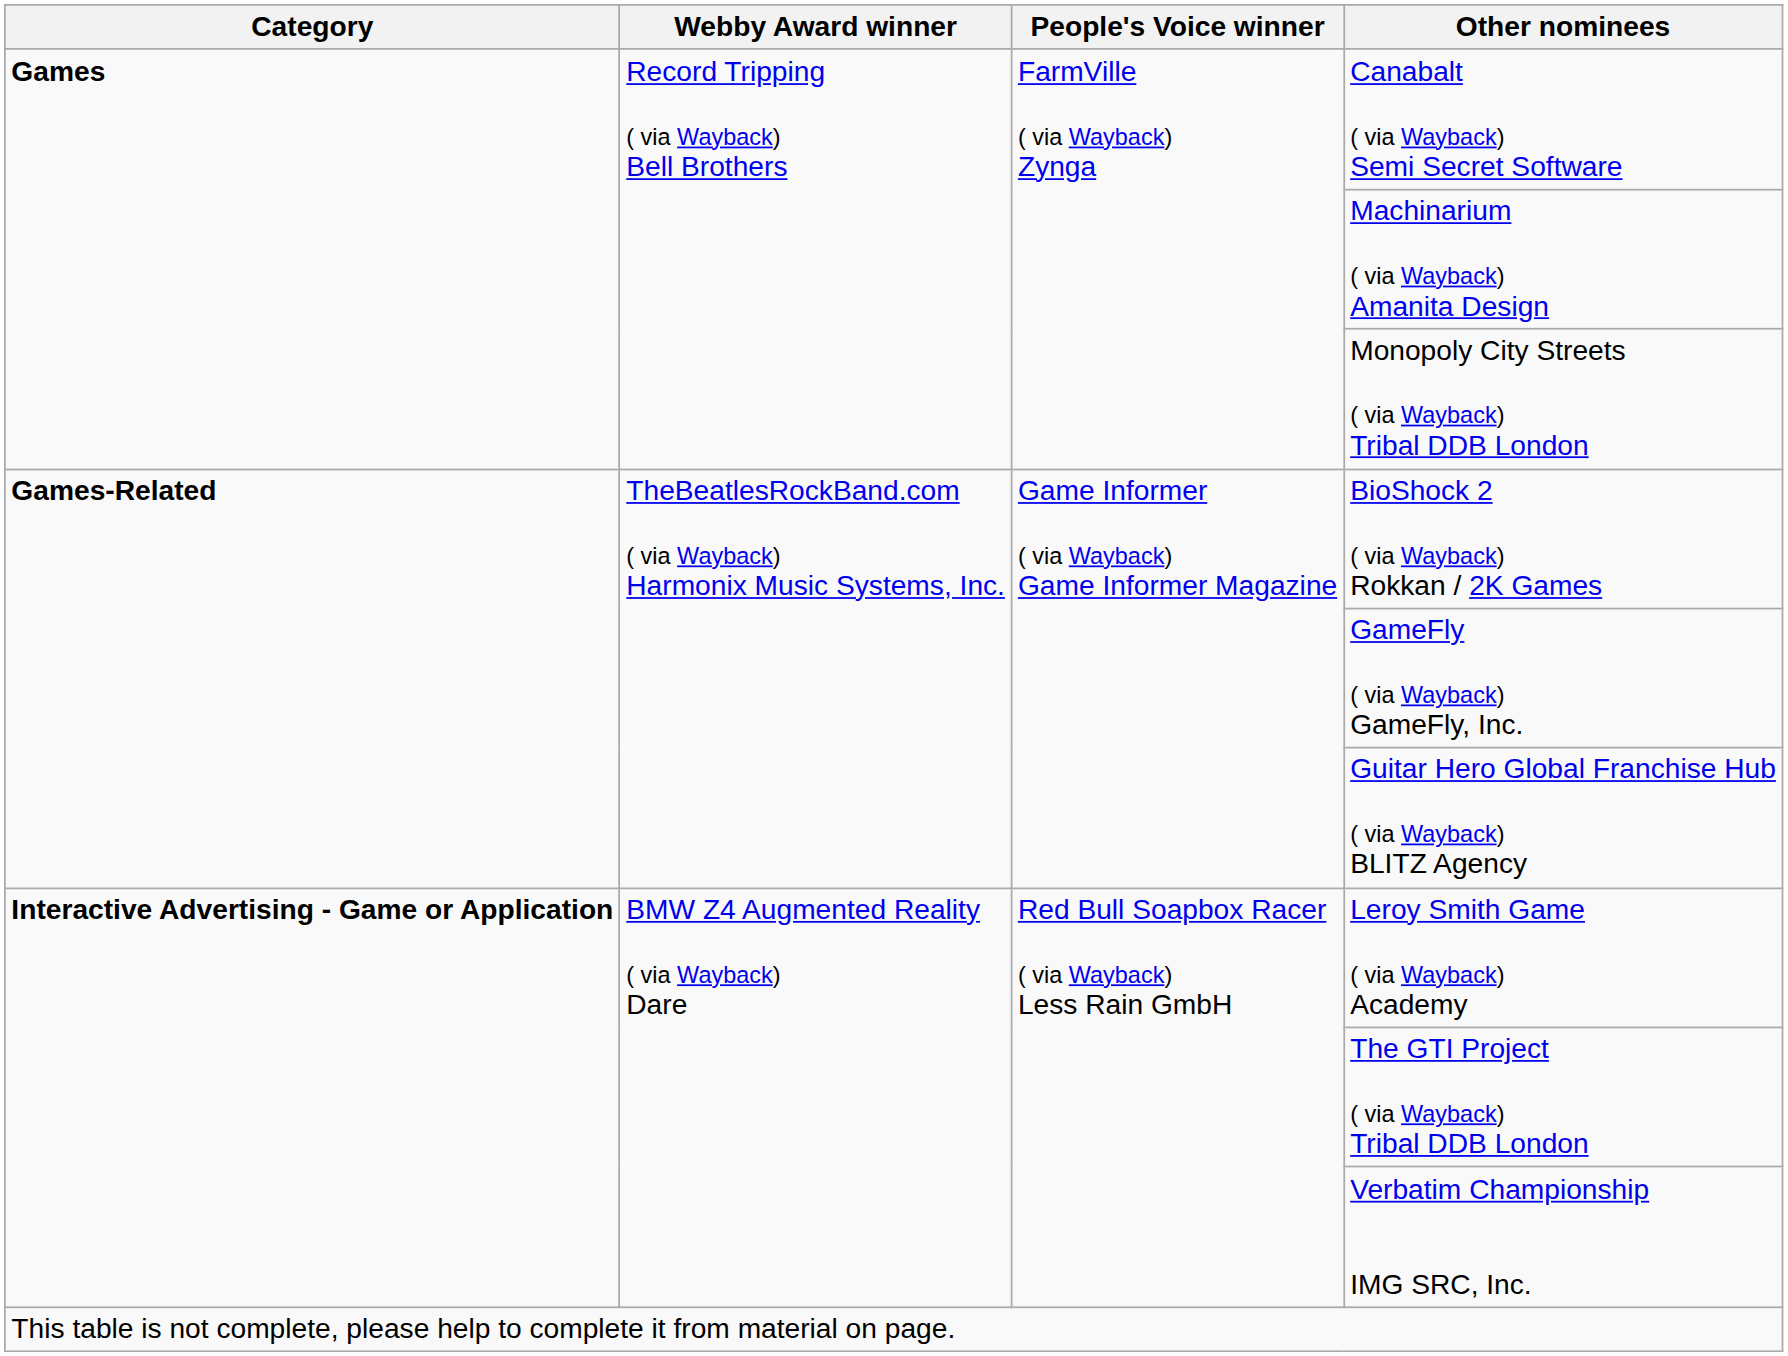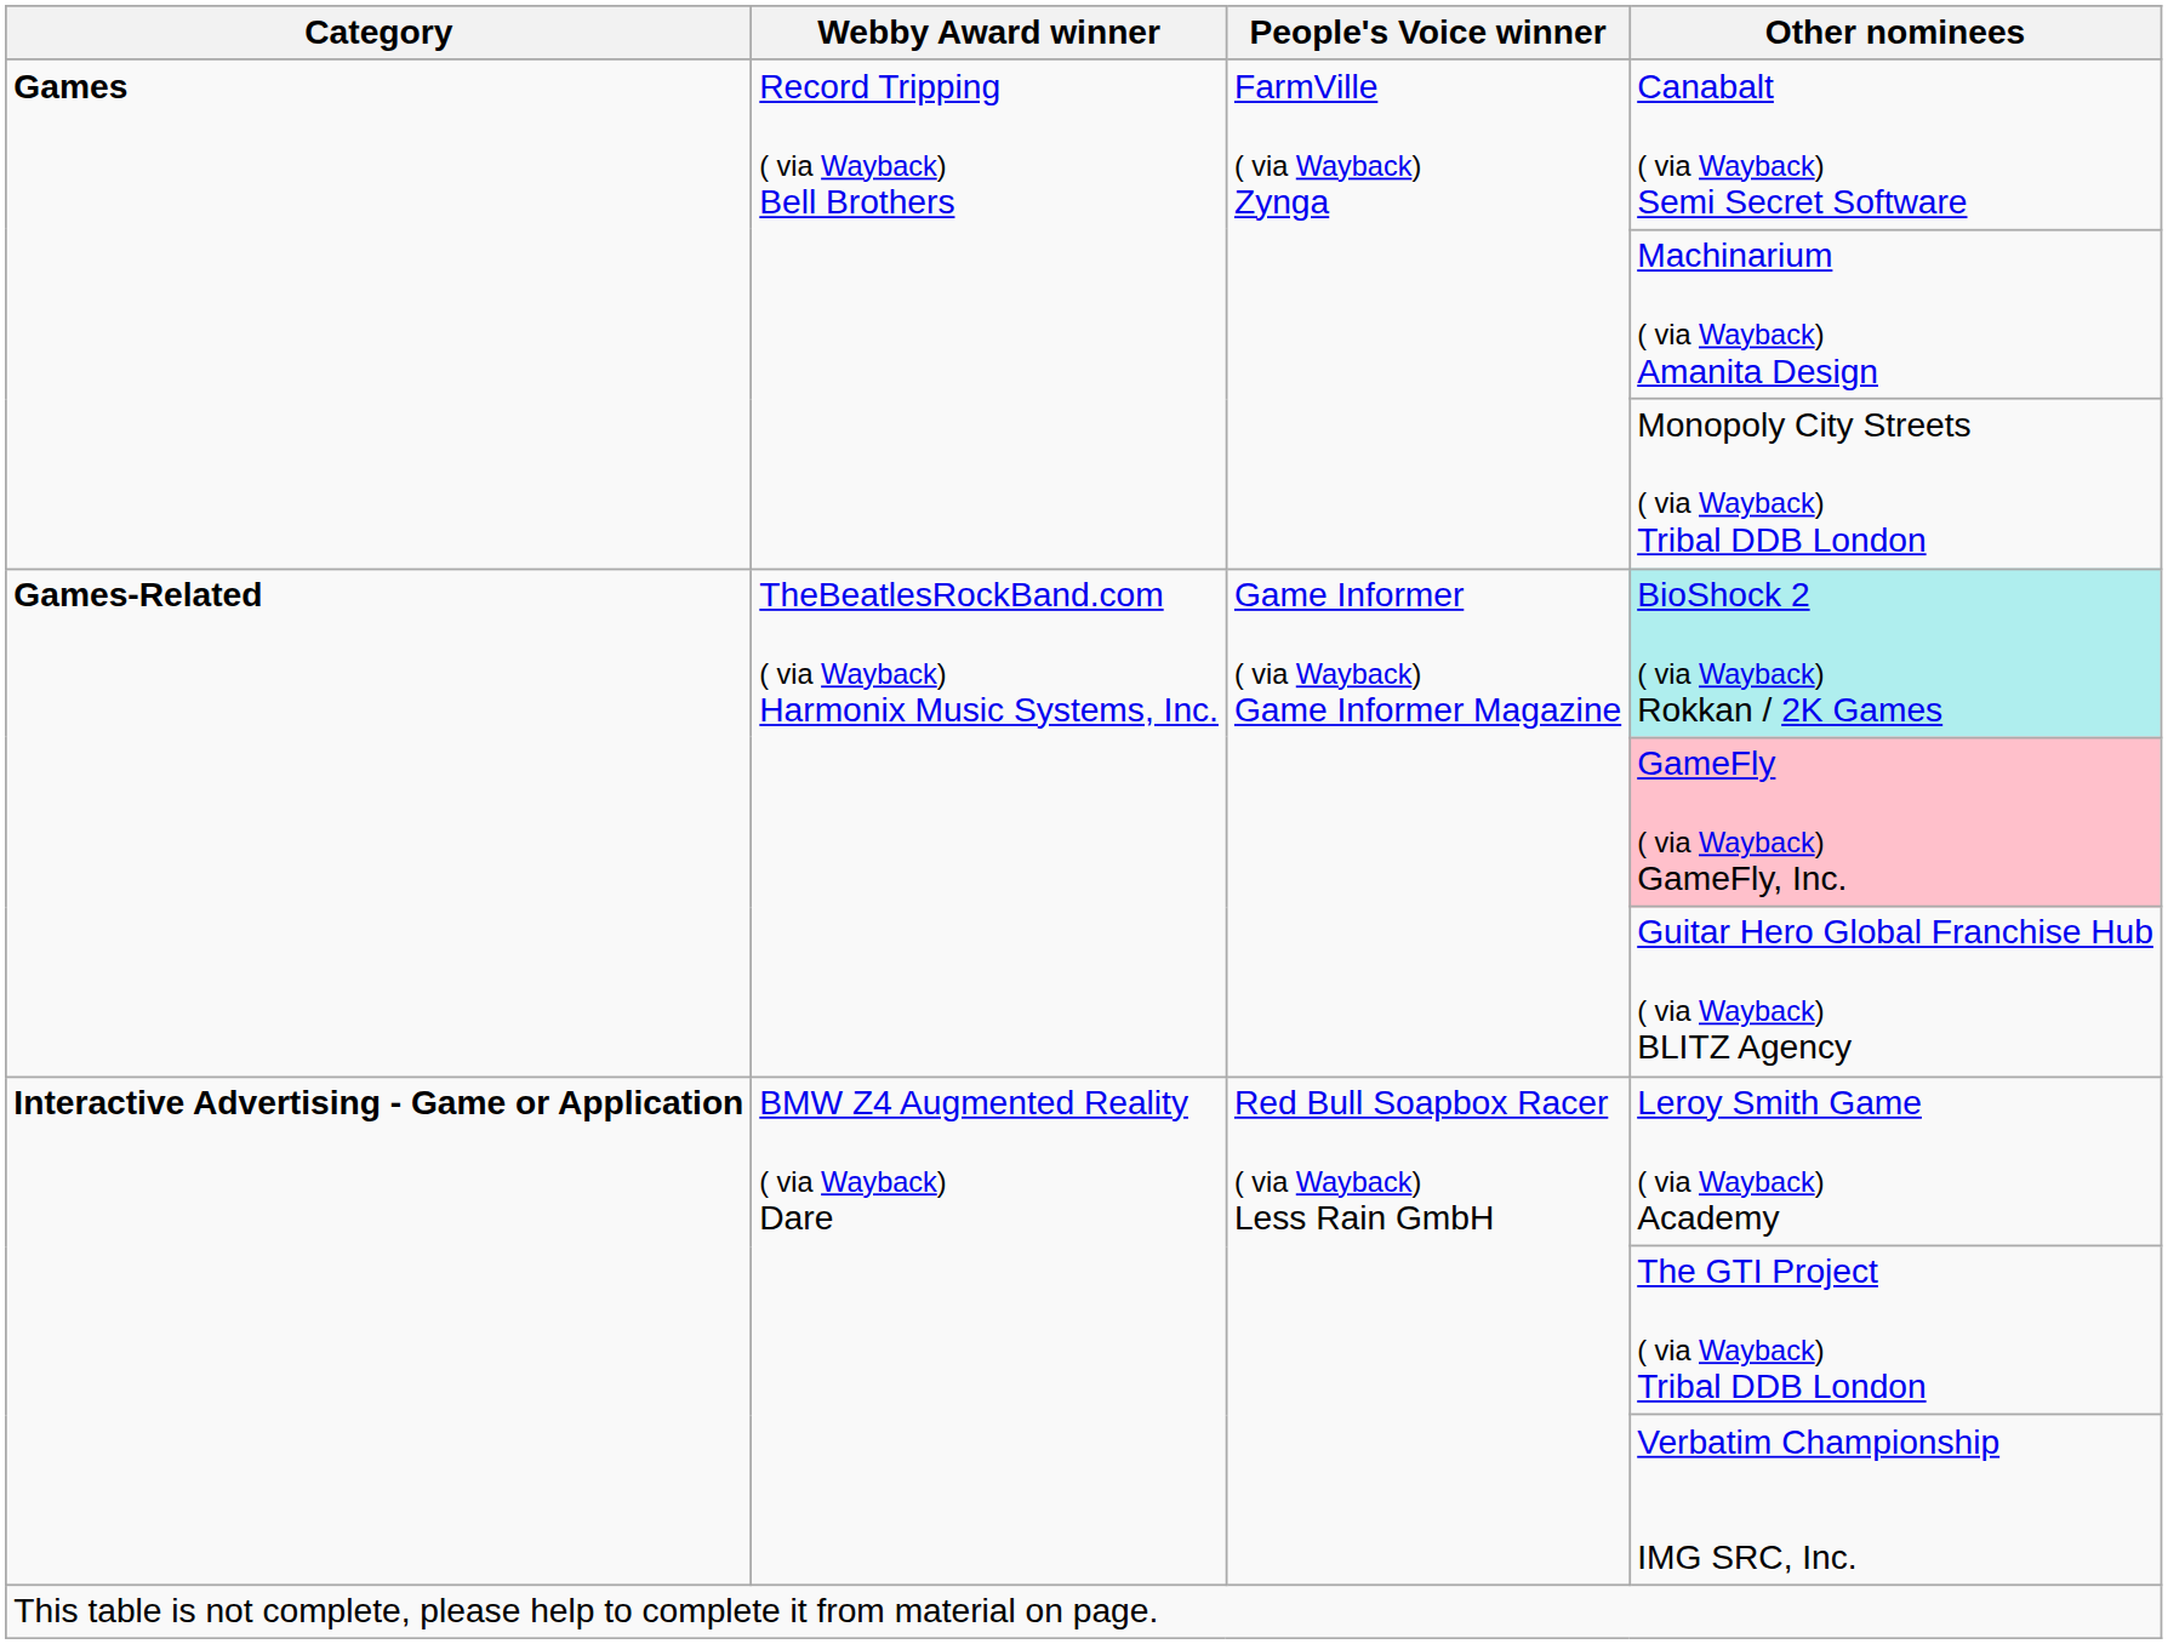 <table class="wikitable">
 <tr>
 <th>Category</th>
 <th>Webby Award winner</th>
 <th>People's Voice winner</th>
 <th>Other nominees</th>
 </tr>
 <tr valign="top">
 <td rowspan="3"><strong>Games</strong></td>
 <td rowspan="3"><a href='#'>Record Tripping</a><br><br><small>( via <a href='#'>Wayback</a>)</small><br> <a href='#'>Bell Brothers</a></td>
 <td rowspan="3"><a href='#'>FarmVille</a><br><br><small>( via <a href='#'>Wayback</a>)</small><br> <a href='#'>Zynga</a></td>
 <td><a href='#'>Canabalt</a><br><br><small>( via <a href='#'>Wayback</a>)</small><br> <a href='#'>Semi Secret Software</a></td>
 </tr>
 <tr valign="top">
 <td><a href='#'>Machinarium</a><br><br><small>( via <a href='#'>Wayback</a>)</small><br> <a href='#'>Amanita Design</a></td>
 </tr>
 <tr valign="top">
 <td>Monopoly City Streets<br><br><small>( via <a href='#'>Wayback</a>)</small><br> <a href='#'>Tribal DDB London</a></td>
 </tr>
 <tr valign="top">
 <td rowspan="3"><strong>Games-Related</strong></td>
 <td rowspan="3"><a href='#'>TheBeatlesRockBand.com</a><br><br><small>( via <a href='#'>Wayback</a>)</small><br> <a href='#'> Harmonix Music Systems, Inc.</a></td>
 <td rowspan="3"><a href='#'>Game Informer</a><br><br><small>( via <a href='#'>Wayback</a>)</small><br> <a href='#'>Game Informer Magazine</a></td>
-<td><a href='#'>BioShock 2</a><br><br><small>( via <a href='#'>Wayback</a>)</small><br> Rokkan / <a href='#'>2K Games</a></td>
+<td style="background: paleturquoise;"><a href='#'>BioShock 2</a><br><br><small>( via <a href='#'>Wayback</a>)</small><br> Rokkan / <a href='#'>2K Games</a></td>
 </tr>
 <tr valign="top">
-<td><a href='#'>GameFly</a><br><br><small>( via <a href='#'>Wayback</a>)</small><br> GameFly, Inc.</td>
+<td style="background: pink;"><a href='#'>GameFly</a><br><br><small>( via <a href='#'>Wayback</a>)</small><br> GameFly, Inc.</td>
 </tr>
 <tr valign="top">
 <td><a href='#'>Guitar Hero Global Franchise Hub</a><br><br><small>( via <a href='#'>Wayback</a>)</small><br> BLITZ Agency</td>
 </tr>
 <tr valign="top">
 <td rowspan="3"><strong>Interactive Advertising - Game or Application</strong></td>
 <td rowspan="3"><a href='#'>BMW Z4 Augmented Reality</a><br><br><small>( via <a href='#'>Wayback</a>)</small><br> Dare</td>
 <td rowspan="3"><a href='#'>Red Bull Soapbox Racer</a><br><br><small>( via <a href='#'>Wayback</a>)</small><br> Less Rain GmbH</td>
 <td><a href='#'>Leroy Smith Game</a><br><br><small>( via <a href='#'>Wayback</a>)</small><br> Academy</td>
 </tr>
 <tr valign="top">
 <td><a href='#'>The GTI Project</a><br><br><small>( via <a href='#'>Wayback</a>)</small><br> <a href='#'>Tribal DDB London</a></td>
 </tr>
 <tr valign="top">
 <td><a href='#'>Verbatim Championship</a><br><br><small></small><br> IMG SRC, Inc.</td>
 </tr>
 <tr>
 <td colspan=4>This table is not complete, please help to complete it from material on  page.</td>
 </tr>
 </table>
